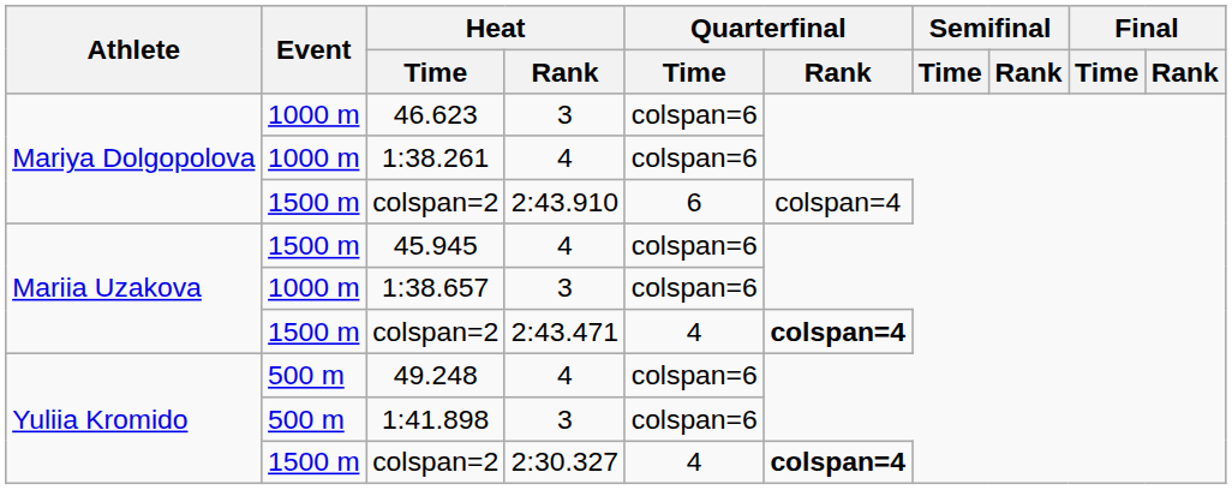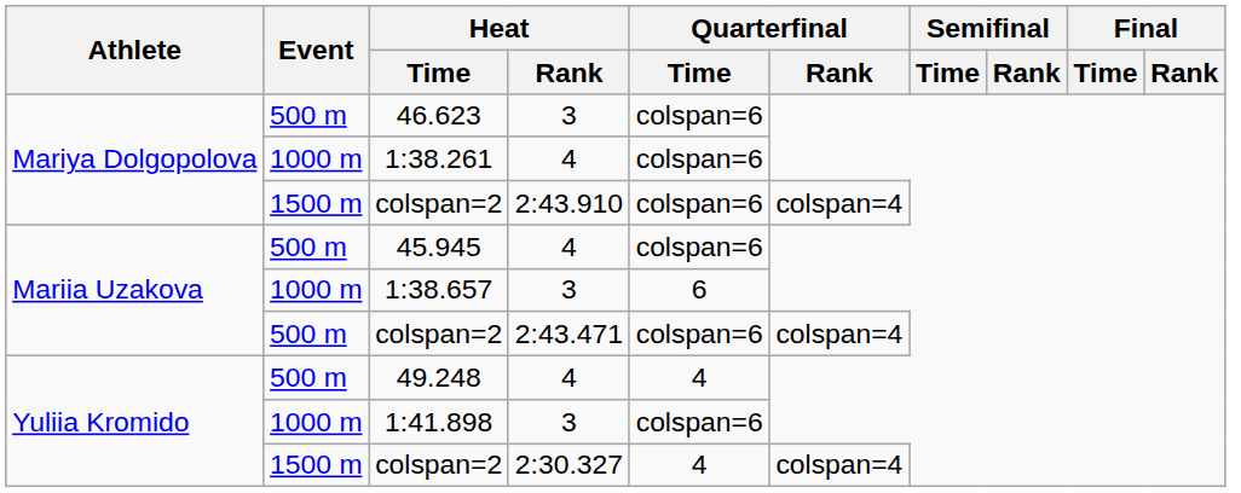 <table class=wikitable style=font-size:90%;text-align:center>
 <tr>
 <th rowspan="2">Athlete</th>
 <th rowspan="2">Event</th>
 <th colspan="2">Heat</th>
 <th colspan="2">Quarterfinal</th>
 <th colspan="2">Semifinal</th>
 <th colspan="2">Final</th>
 </tr>
 <tr>
 <th>Time</th>
 <th>Rank</th>
 <th>Time</th>
 <th>Rank</th>
 <th>Time</th>
 <th>Rank</th>
 <th>Time</th>
 <th>Rank</th>
 </tr>
 <tr>
 <td align=left rowspan=3><a href='#'>Mariya Dolgopolova</a></td>
-<td align=left><a href='#'>1000 m</a></td>
+<td align=left><a href='#'>500 m</a></td>
 <td>46.623</td>
 <td>3</td>
 <td>colspan=6 </td>
 </tr>
 <tr>
 <td align=left><a href='#'>1000 m</a></td>
 <td>1:38.261</td>
 <td>4</td>
 <td>colspan=6 </td>
 </tr>
 <tr>
 <td align=left><a href='#'>1500 m</a></td>
 <td>colspan=2 </td>
 <td>2:43.910</td>
-<td>6</td>
+<td>colspan=6 </td>
 <td>colspan=4 </td>
 </tr>
 <tr>
 <td align=left rowspan=3><a href='#'>Mariia Uzakova</a></td>
-<td align=left><a href='#'>1500 m</a></td>
+<td align=left><a href='#'>500 m</a></td>
 <td>45.945</td>
 <td>4</td>
 <td>colspan=6 </td>
 </tr>
 <tr>
 <td align=left><a href='#'>1000 m</a></td>
 <td>1:38.657</td>
 <td>3</td>
-<td>colspan=6 </td>
+<td>6</td>
 </tr>
 <tr>
-<td align=left><a href='#'>1500 m</a></td>
+<td align=left><a href='#'>500 m</a></td>
 <td>colspan=2 </td>
 <td>2:43.471</td>
-<td>4</td>
-<td><strong>colspan=4 </strong></td>
+<td>colspan=6 </td>
+<td>colspan=4 </td>
 </tr>
 <tr>
 <td align=left rowspan=3><a href='#'>Yuliia Kromido</a></td>
 <td align=left><a href='#'>500 m</a></td>
 <td>49.248</td>
 <td>4</td>
-<td>colspan=6 </td>
+<td>4</td>
 </tr>
 <tr>
-<td align=left><a href='#'>500 m</a></td>
+<td align=left><a href='#'>1000 m</a></td>
 <td>1:41.898</td>
 <td>3</td>
 <td>colspan=6 </td>
 </tr>
 <tr>
 <td align=left><a href='#'>1500 m</a></td>
 <td>colspan=2 </td>
 <td>2:30.327</td>
 <td>4</td>
-<td><strong>colspan=4 </strong></td>
+<td>colspan=4 </td>
 </tr>
 </table>
